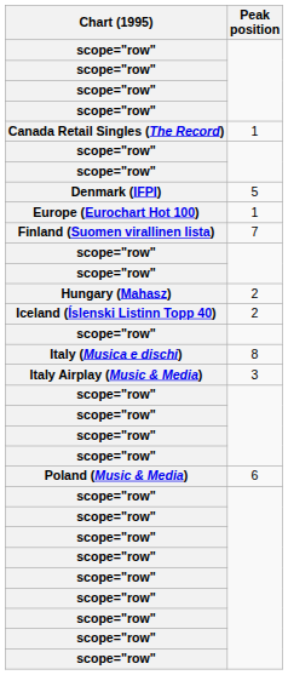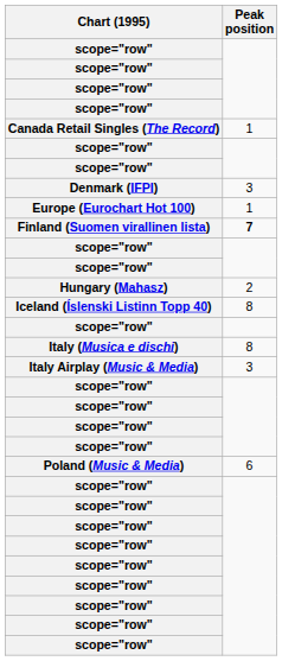 <table class="wikitable sortable plainrowheaders" style="text-align:center">
 <tr>
 <th>Chart (1995)</th>
 <th>Peak<br>position</th>
 </tr>
 <tr>
 <th>scope="row"</th>
 </tr>
 <tr>
 <th>scope="row"</th>
 </tr>
 <tr>
 <th>scope="row"</th>
 </tr>
 <tr>
 <th>scope="row"</th>
 </tr>
 <tr>
 <th scope="row">Canada Retail Singles (<em><a href='#'>The Record</a></em>)</th>
 <td>1</td>
 </tr>
 <tr>
 <th>scope="row"</th>
 </tr>
 <tr>
 <th>scope="row"</th>
 </tr>
 <tr>
 <th scope="row">Denmark (<a href='#'>IFPI</a>)</th>
-<td>5</td>
+<td>3</td>
 </tr>
 <tr>
 <th scope="row">Europe (<a href='#'>Eurochart Hot 100</a>)</th>
 <td>1</td>
 </tr>
 <tr>
 <th scope="row">Finland (<a href='#'>Suomen virallinen lista</a>)</th>
-<td>7</td>
+<td><strong>7</strong></td>
 </tr>
 <tr>
 <th>scope="row"</th>
 </tr>
 <tr>
 <th>scope="row"</th>
 </tr>
 <tr>
 <th scope="row">Hungary (<a href='#'>Mahasz</a>)</th>
 <td>2</td>
 </tr>
 <tr>
 <th scope="row">Iceland (<a href='#'>Íslenski Listinn Topp 40</a>)</th>
-<td>2</td>
+<td>8</td>
 </tr>
 <tr>
 <th>scope="row"</th>
 </tr>
 <tr>
 <th scope="row">Italy (<em><a href='#'>Musica e dischi</a></em>)</th>
 <td>8</td>
 </tr>
 <tr>
 <th scope="row">Italy Airplay (<em><a href='#'>Music & Media</a></em>)</th>
 <td>3</td>
 </tr>
 <tr>
 <th>scope="row"</th>
 </tr>
 <tr>
 <th>scope="row"</th>
 </tr>
 <tr>
 <th>scope="row"</th>
 </tr>
 <tr>
 <th>scope="row"</th>
 </tr>
 <tr>
 <th scope="row">Poland (<em><a href='#'>Music & Media</a></em>)</th>
 <td>6</td>
 </tr>
 <tr>
 <th>scope="row"</th>
 </tr>
 <tr>
 <th>scope="row"</th>
 </tr>
 <tr>
 <th>scope="row"</th>
 </tr>
 <tr>
 <th>scope="row"</th>
 </tr>
 <tr>
 <th>scope="row"</th>
 </tr>
 <tr>
 <th>scope="row"</th>
 </tr>
 <tr>
 <th>scope="row"</th>
 </tr>
 <tr>
 <th>scope="row"</th>
 </tr>
 <tr>
 <th>scope="row"</th>
 </tr>
 </table>
